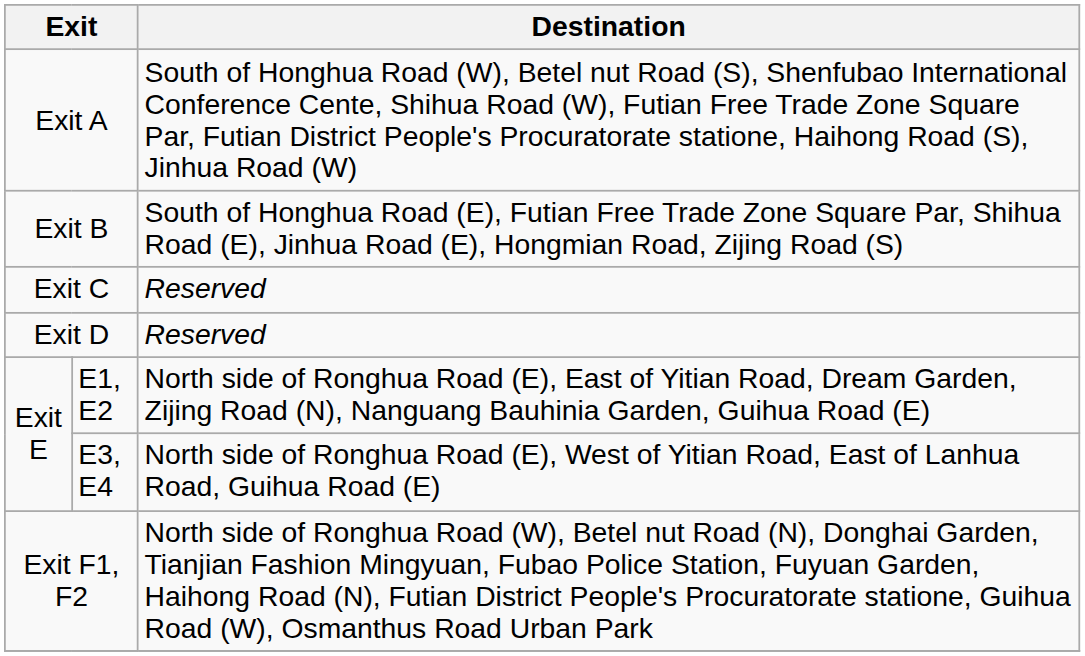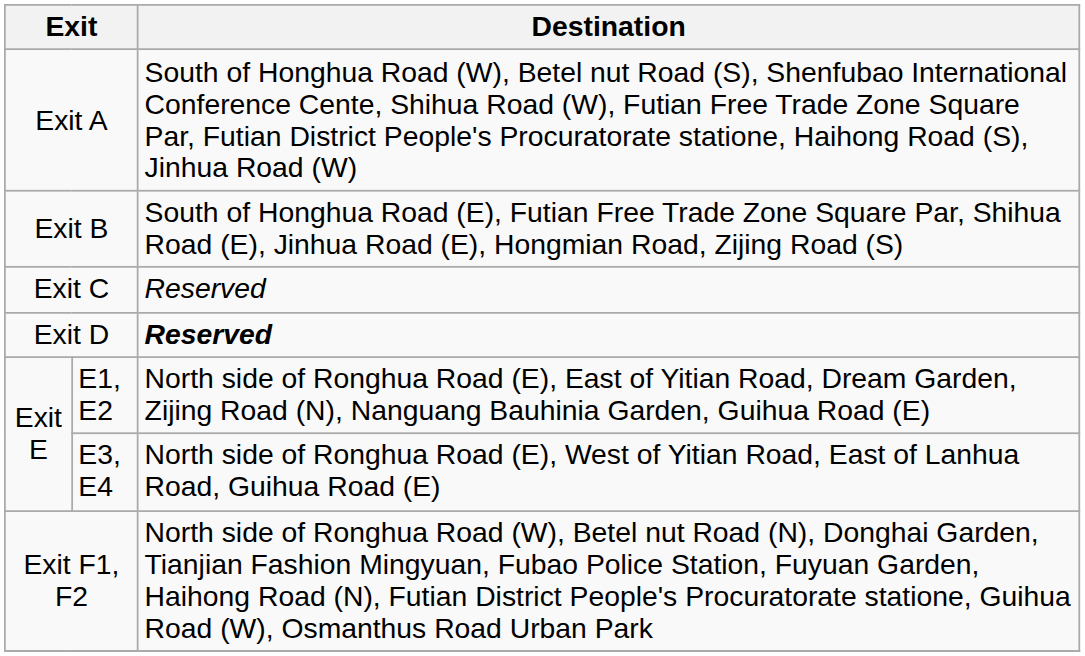 <table class="wikitable">
 <tr>
 <th style="width:70px" colspan="2">Exit</th>
 <th>Destination</th>
 </tr>
 <tr>
 <td align="center" colspan="2">Exit A</td>
 <td>South of Honghua Road (W), Betel nut Road (S), Shenfubao International Conference Cente, Shihua Road (W), Futian Free Trade Zone Square Par, Futian District People's Procuratorate statione, Haihong Road (S), Jinhua Road (W)</td>
 </tr>
 <tr>
 <td align="center" colspan="2">Exit B</td>
 <td>South of Honghua Road (E), Futian Free Trade Zone Square Par, Shihua Road (E), Jinhua Road (E), Hongmian Road, Zijing Road (S)</td>
 </tr>
 <tr>
 <td align="center" colspan="2">Exit C</td>
 <td><em>Reserved</em></td>
 </tr>
 <tr>
 <td align="center" colspan="2">Exit D</td>
-<td><em>Reserved</em></td>
+<td><strong><em>Reserved</em></strong></td>
 </tr>
 <tr>
 <td align="center" rowspan="2">Exit E</td>
 <td>E1, E2</td>
 <td>North side of Ronghua Road (E), East of Yitian Road, Dream Garden, Zijing Road (N), Nanguang Bauhinia Garden, Guihua Road (E)</td>
 </tr>
 <tr>
 <td>E3, E4</td>
 <td>North side of Ronghua Road (E), West of Yitian Road, East of Lanhua Road, Guihua Road (E)</td>
 </tr>
 <tr>
 <td align="center" colspan="2">Exit F1, F2</td>
 <td>North side of Ronghua Road (W), Betel nut Road (N), Donghai Garden, Tianjian Fashion Mingyuan, Fubao Police Station, Fuyuan Garden, Haihong Road (N), Futian District People's Procuratorate statione, Guihua Road (W), Osmanthus Road Urban Park</td>
 </tr>
 <tr>
 </tr>
 </table>
